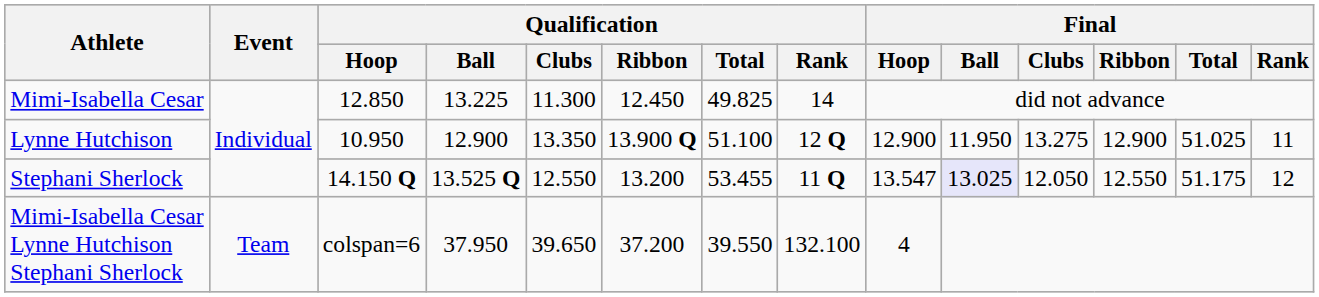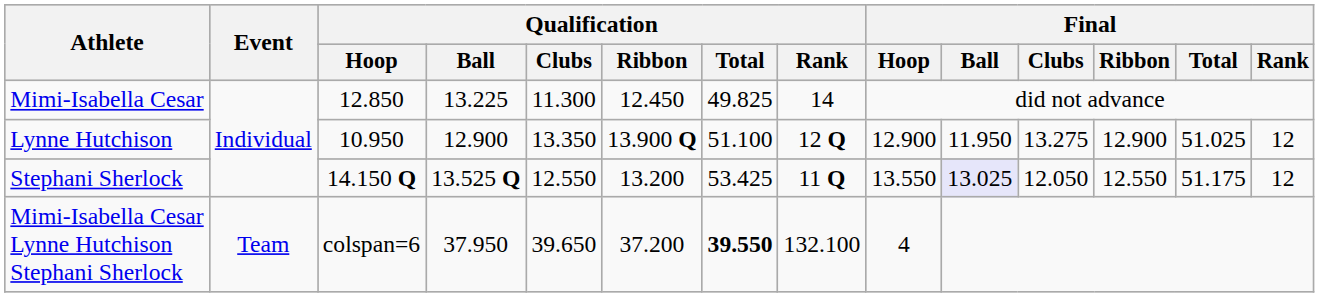 <table class=wikitable style="font-size:90%">
 <tr>
 <th rowspan="2">Athlete</th>
 <th rowspan="2">Event</th>
 <th colspan=6>Qualification</th>
 <th colspan=6>Final</th>
 </tr>
 <tr style="font-size:95%">
 <th>Hoop</th>
 <th>Ball</th>
 <th>Clubs</th>
 <th>Ribbon</th>
 <th>Total</th>
 <th>Rank</th>
 <th>Hoop</th>
 <th>Ball</th>
 <th>Clubs</th>
 <th>Ribbon</th>
 <th>Total</th>
 <th>Rank</th>
 </tr>
 <tr align=center>
 <td align=left><a href='#'>Mimi-Isabella Cesar</a></td>
 <td style="text-align:left;" rowspan="3"><a href='#'>Individual</a></td>
 <td>12.850</td>
 <td>13.225</td>
 <td>11.300</td>
 <td>12.450</td>
 <td>49.825</td>
 <td>14</td>
 <td colspan=6>did not advance</td>
 </tr>
 <tr align=center>
 <td align=left><a href='#'>Lynne Hutchison</a></td>
 <td>10.950</td>
 <td>12.900</td>
 <td>13.350</td>
 <td>13.900 <strong>Q</strong></td>
 <td>51.100</td>
 <td>12 <strong>Q</strong></td>
 <td>12.900</td>
 <td>11.950</td>
 <td>13.275</td>
 <td>12.900</td>
 <td>51.025</td>
-<td>11</td>
+<td>12</td>
 </tr>
 <tr align=center>
 <td align=left><a href='#'>Stephani Sherlock</a></td>
 <td>14.150 <strong>Q</strong></td>
 <td>13.525 <strong>Q</strong></td>
 <td>12.550</td>
 <td>13.200</td>
-<td>53.455</td>
+<td>53.425</td>
 <td>11 <strong>Q</strong></td>
-<td>13.547</td>
+<td>13.550</td>
 <td style="background: lavender;">13.025</td>
 <td>12.050</td>
 <td>12.550</td>
 <td>51.175</td>
 <td>12</td>
 </tr>
 <tr align=center>
 <td align=left><a href='#'>Mimi-Isabella Cesar</a><br><a href='#'>Lynne Hutchison</a><br><a href='#'>Stephani Sherlock</a></td>
 <td><a href='#'>Team</a></td>
 <td>colspan=6 </td>
 <td>37.950</td>
 <td>39.650</td>
 <td>37.200</td>
-<td>39.550</td>
+<td><strong>39.550</strong></td>
 <td>132.100</td>
 <td>4</td>
 </tr>
 </table>
